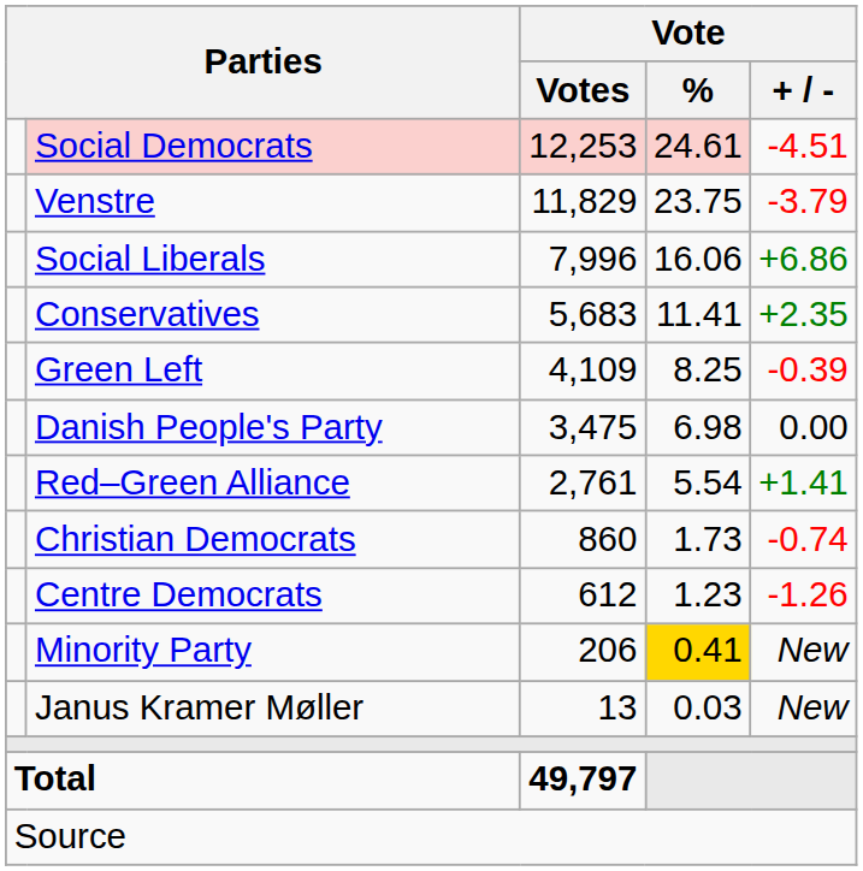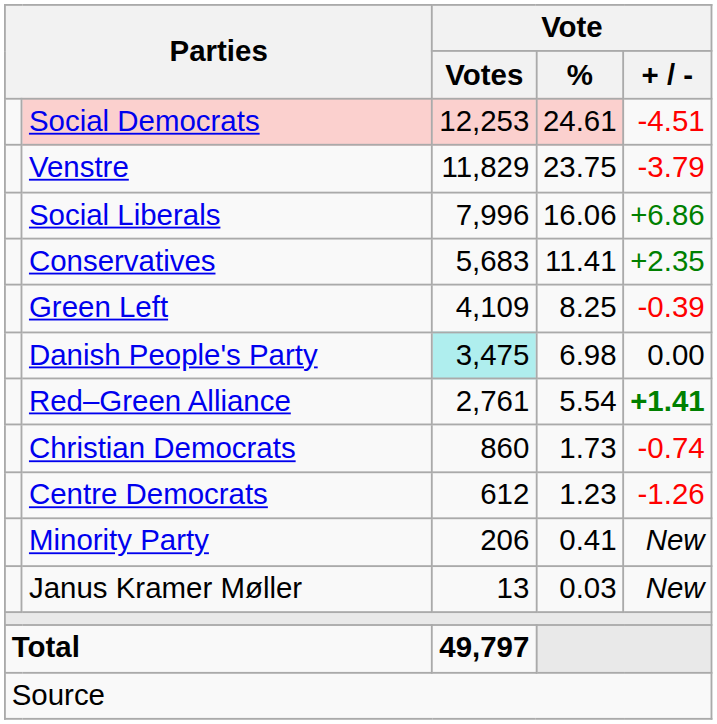 <table class="wikitable" style="text-align:right;">
 <tr>
 <th style="text-align:centre;" rowspan="2" colspan="2" width="225">Parties</th>
 <th colspan="3">Vote</th>
 </tr>
 <tr>
 <th width="15">Votes</th>
 <th width="15">%</th>
 <th width="15">+ / -</th>
 </tr>
 <tr>
 <td width="2" style="color:inherit;background:"></td>
 <td bgcolor=#fbd0ce  align="left"><a href='#'>Social Democrats</a></td>
 <td bgcolor=#fbd0ce>12,253</td>
 <td bgcolor=#fbd0ce>24.61</td>
 <td style=color:red;>-4.51</td>
 </tr>
 <tr>
 <td width="2" style="color:inherit;background:"></td>
 <td align="left"><a href='#'>Venstre</a></td>
 <td>11,829</td>
 <td>23.75</td>
 <td style=color:red;>-3.79</td>
 </tr>
 <tr>
 <td width="2" style="color:inherit;background:"></td>
 <td align="left"><a href='#'>Social Liberals</a></td>
 <td>7,996</td>
 <td>16.06</td>
 <td style=color:green;>+6.86</td>
 </tr>
 <tr>
 <td width="2" style="color:inherit;background:"></td>
 <td align="left"><a href='#'>Conservatives</a></td>
 <td>5,683</td>
 <td>11.41</td>
 <td style=color:green;>+2.35</td>
 </tr>
 <tr>
 <td width="2" style="color:inherit;background:"></td>
 <td align="left"><a href='#'>Green Left</a></td>
 <td>4,109</td>
 <td>8.25</td>
 <td style=color:red;>-0.39</td>
 </tr>
 <tr>
 <td width="2" style="color:inherit;background:"></td>
 <td align="left"><a href='#'>Danish People's Party</a></td>
-<td>3,475</td>
+<td style="background: paleturquoise;">3,475</td>
 <td>6.98</td>
 <td>0.00</td>
 </tr>
 <tr>
 <td width="2" style="color:inherit;background:"></td>
 <td align="left"><a href='#'>Red–Green Alliance</a></td>
 <td>2,761</td>
 <td>5.54</td>
-<td style=color:green;>+1.41</td>
+<td style=color:green;><strong>+1.41</strong></td>
 </tr>
 <tr>
 <td width="2" style="color:inherit;background:"></td>
 <td align="left"><a href='#'>Christian Democrats</a></td>
 <td>860</td>
 <td>1.73</td>
 <td style=color:red;>-0.74</td>
 </tr>
 <tr>
 <td width="2" style="color:inherit;background:"></td>
 <td align="left"><a href='#'>Centre Democrats</a></td>
 <td>612</td>
 <td>1.23</td>
 <td style=color:red;>-1.26</td>
 </tr>
 <tr>
 <td width="2" style="color:inherit;background:"></td>
 <td align="left"><a href='#'>Minority Party</a></td>
 <td>206</td>
-<td style="background: gold;">0.41</td>
+<td>0.41</td>
 <td><em>New</em></td>
 </tr>
 <tr>
 <td width="2" style="color:inherit;background:"></td>
 <td align="left">Janus Kramer Møller</td>
 <td>13</td>
 <td>0.03</td>
 <td><em>New</em></td>
 </tr>
 <tr>
 <td colspan="7" bgcolor="#E9E9E9"></td>
 </tr>
 <tr>
 <td align="left" colspan="2"><strong>Total</strong></td>
 <td><strong>49,797</strong></td>
 <td bgcolor="#E9E9E9" colspan="2"></td>
 </tr>
 <tr>
 <td align="left" colspan="6">Source</td>
 </tr>
 </table>
